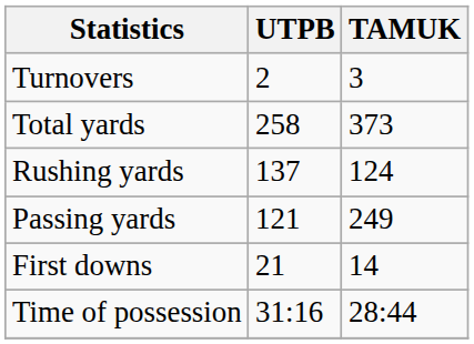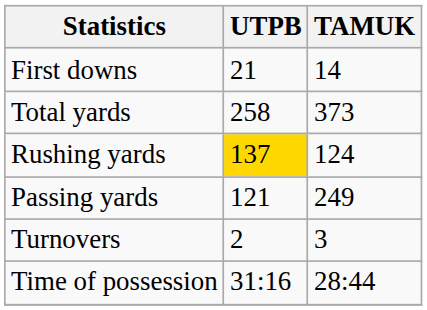 <table class="wikitable" style="float: left;">
 <tr>
 <th>Statistics</th>
 <th>UTPB</th>
 <th>TAMUK</th>
 </tr>
 <tr>
-<td>Turnovers</td>
-<td>2</td>
-<td>3</td>
+<td>First downs</td>
+<td>21</td>
+<td>14</td>
 </tr>
 <tr>
 <td>Total yards</td>
 <td>258</td>
 <td>373</td>
 </tr>
 <tr>
 <td>Rushing yards</td>
-<td>137</td>
+<td style="background: gold;">137</td>
 <td>124</td>
 </tr>
 <tr>
 <td>Passing yards</td>
 <td>121</td>
 <td>249</td>
 </tr>
 <tr>
-<td>First downs</td>
-<td>21</td>
-<td>14</td>
+<td>Turnovers</td>
+<td>2</td>
+<td>3</td>
 </tr>
 <tr>
 <td>Time of possession</td>
 <td>31:16</td>
 <td>28:44</td>
 </tr>
 <tr>
 </tr>
 </table>
